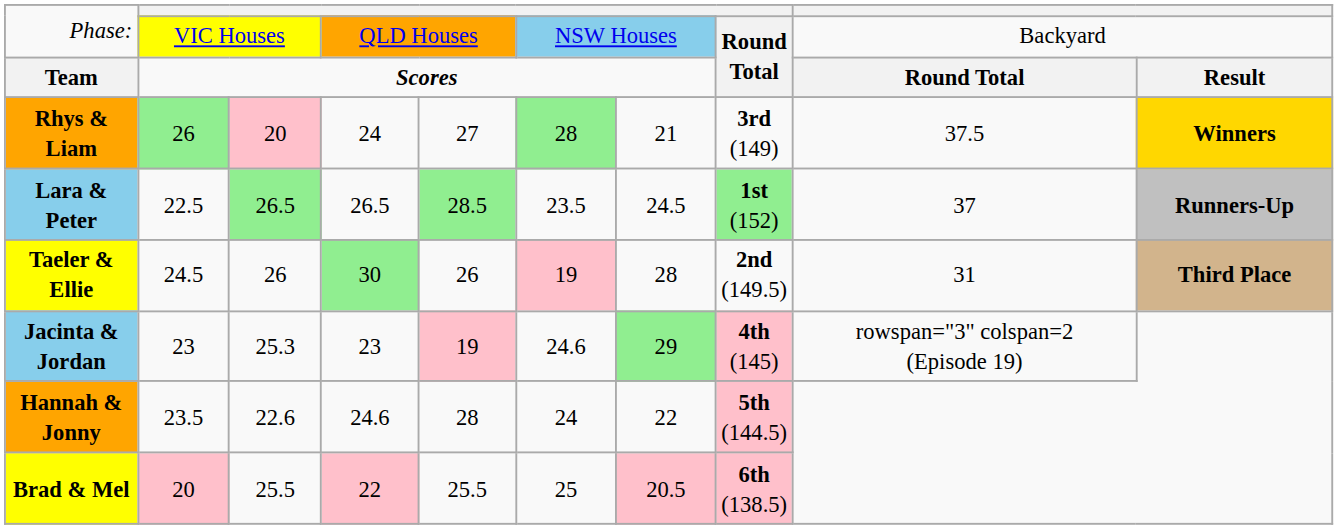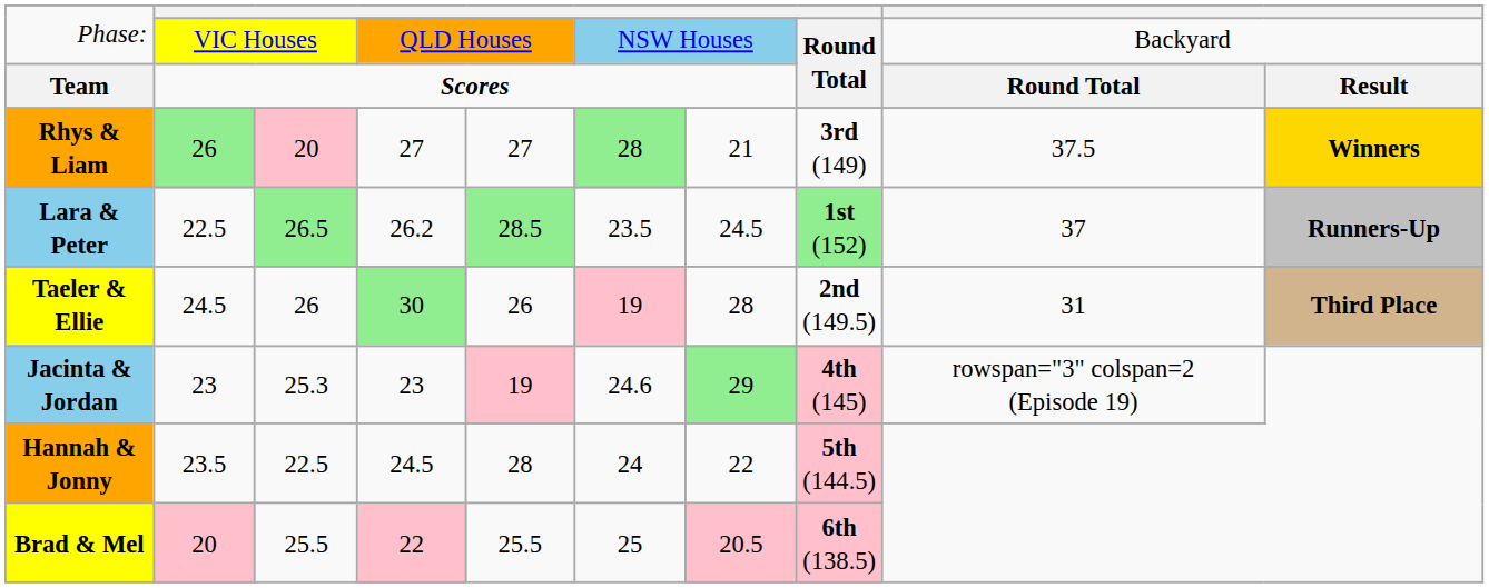 <table class="wikitable" style="text-align: center; font-size: 9pt; line-height:16px; width:80%">
 <tr>
 <td style="width:10%; text-align:right;" rowspan="2"><em>Phase:</em></td>
 <th colspan="7"></th>
 <th colspan=2></th>
 </tr>
 <tr>
 <td colspan=2 style="background:yellow"><a href='#'>VIC Houses</a></td>
 <td colspan=2 style="background:orange"><a href='#'>QLD Houses</a></td>
 <td colspan=2 style="background:skyblue"><a href='#'>NSW Houses</a></td>
 <th rowspan="2" style="width:5%;">Round Total<br></th>
 <td colspan=2>Backyard</td>
 </tr>
 <tr>
 <th>Team</th>
 <td colspan="6"><strong><em>Scores</em></strong></td>
 <th>Round Total<br></th>
 <th>Result</th>
 </tr>
 <tr>
 <th style="background:orange">Rhys & Liam</th>
 <td style="background:lightgreen">26</td>
 <td style="background:pink">20</td>
-<td>24</td>
+<td>27</td>
 <td>27</td>
 <td style="background:lightgreen">28</td>
 <td>21</td>
 <td><strong>3rd</strong><br>(149)</td>
 <td>37.5</td>
 <td style="background:gold"><strong> Winners </strong></td>
 </tr>
 <tr>
 <th style="background:skyblue">Lara & Peter</th>
 <td>22.5</td>
 <td style="background:lightgreen">26.5</td>
-<td>26.5</td>
+<td>26.2</td>
 <td style="background:lightgreen">28.5</td>
 <td>23.5</td>
 <td>24.5</td>
 <td style="background:lightgreen"><strong>1st</strong><br>(152)</td>
 <td>37</td>
 <td style="background:silver"><strong> Runners-Up </strong></td>
 </tr>
 <tr>
 <th style="background:yellow">Taeler & Ellie</th>
 <td>24.5</td>
 <td>26</td>
 <td style="background:lightgreen">30</td>
 <td>26</td>
 <td style="background:pink">19</td>
 <td>28</td>
 <td><strong>2nd</strong><br>(149.5)</td>
 <td>31</td>
 <td style="background:tan"><strong> Third Place </strong></td>
 </tr>
 <tr>
 <th style="background:skyblue">Jacinta & Jordan</th>
 <td>23</td>
 <td>25.3</td>
 <td>23</td>
 <td style="background:pink">19</td>
 <td>24.6</td>
 <td style="background:lightgreen">29</td>
 <td style="background:pink"><strong>4th</strong><br>(145)</td>
 <td>rowspan="3" colspan=2 <br>(Episode 19)</td>
 </tr>
 <tr>
 <th style="background:orange">Hannah & Jonny</th>
 <td>23.5</td>
-<td>22.6</td>
-<td>24.6</td>
+<td>22.5</td>
+<td>24.5</td>
 <td>28</td>
 <td>24</td>
 <td>22</td>
 <td style="background:pink"><strong>5th</strong><br>(144.5)</td>
 </tr>
 <tr>
 <th style="background:yellow">Brad & Mel</th>
 <td style="background:pink">20</td>
 <td>25.5</td>
 <td style="background:pink">22</td>
 <td>25.5</td>
 <td>25</td>
 <td style="background:pink">20.5</td>
 <td style="background:pink"><strong>6th</strong><br>(138.5)</td>
 </tr>
 </table>
